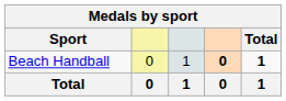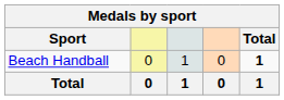 <table class="wikitable" style="font-size:90%; text-align:center;">
 <tr>
 <th colspan=5>Medals by sport</th>
 </tr>
 <tr>
 <th width=120>Sport</th>
 <th scope="col" width=30 style="background:#F7F6A8;"></th>
 <th scope="col" width=30 style="background:#DCE5E5;"></th>
 <th scope="col" width=30 style="background:#FFDAB9;"></th>
 <th width=30>Total</th>
 </tr>
 <tr>
 <td align=left> <a href='#'>Beach Handball</a></td>
 <td style="background:#F7F6A8;">0</td>
 <td style="background:#DCE5E5;">1</td>
-<td style="background:#FFDAB9;"><strong>0</strong></td>
+<td style="background:#FFDAB9;">0</td>
 <td><strong>1</strong></td>
 </tr>
 <tr class="sortbottom">
 <th>Total</th>
 <th>0</th>
 <th>1</th>
 <th>0</th>
 <th>1</th>
 </tr>
 </table>
